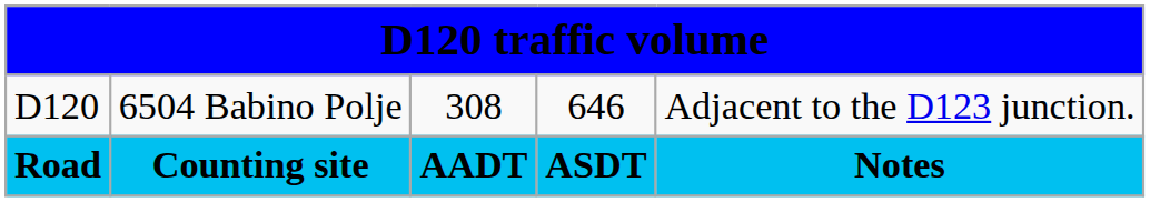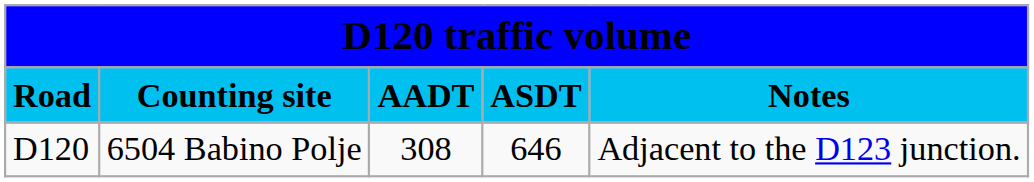 <table class="wikitable">
 <tr>
 <td colspan=5 bgcolor=blue align=center style=margin-top:15><span><big><strong>D120 traffic volume</strong></big></span></td>
+</tr>
+<tr>
+<td align=center bgcolor=00c0f0><strong>Road</strong></td>
+<td align=center bgcolor=00c0f0><strong>Counting site</strong></td>
+<td align=center bgcolor=00c0f0><strong>AADT</strong></td>
+<td align=center bgcolor=00c0f0><strong>ASDT</strong></td>
+<td align=center bgcolor=00c0f0><strong>Notes</strong></td>
 </tr>
 <tr>
 <td> D120</td>
 <td>6504 Babino Polje</td>
 <td align=center>308</td>
 <td align=center>646</td>
 <td>Adjacent to the <a href='#'>D123</a> junction.</td>
 </tr>
-<tr>
-<td align=center bgcolor=00c0f0><strong>Road</strong></td>
-<td align=center bgcolor=00c0f0><strong>Counting site</strong></td>
-<td align=center bgcolor=00c0f0><strong>AADT</strong></td>
-<td align=center bgcolor=00c0f0><strong>ASDT</strong></td>
-<td align=center bgcolor=00c0f0><strong>Notes</strong></td>
-</tr>
 </table>
